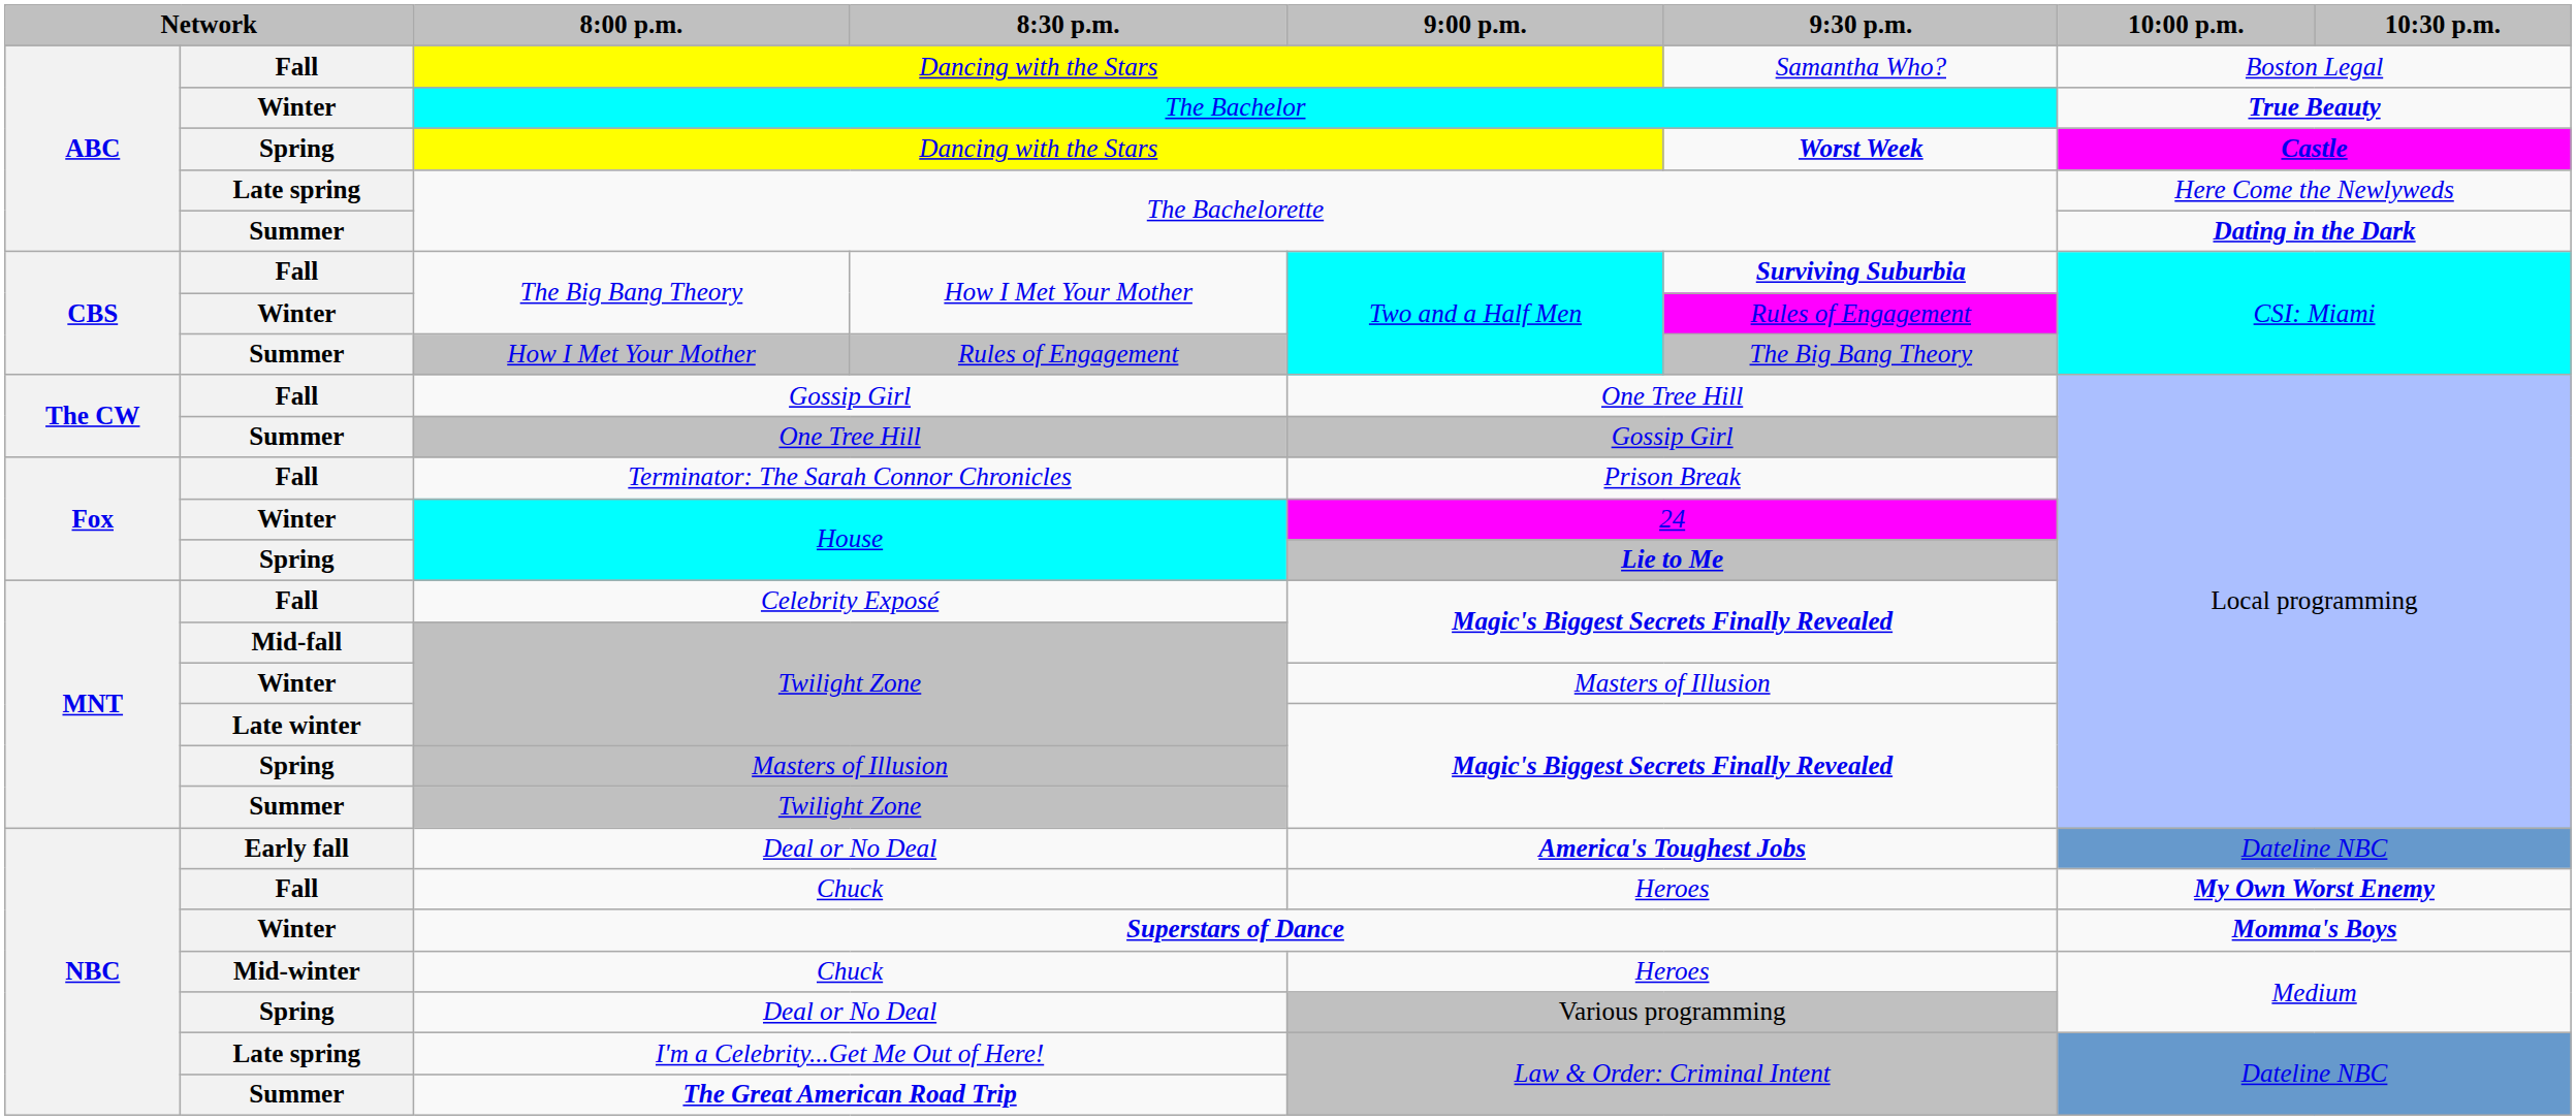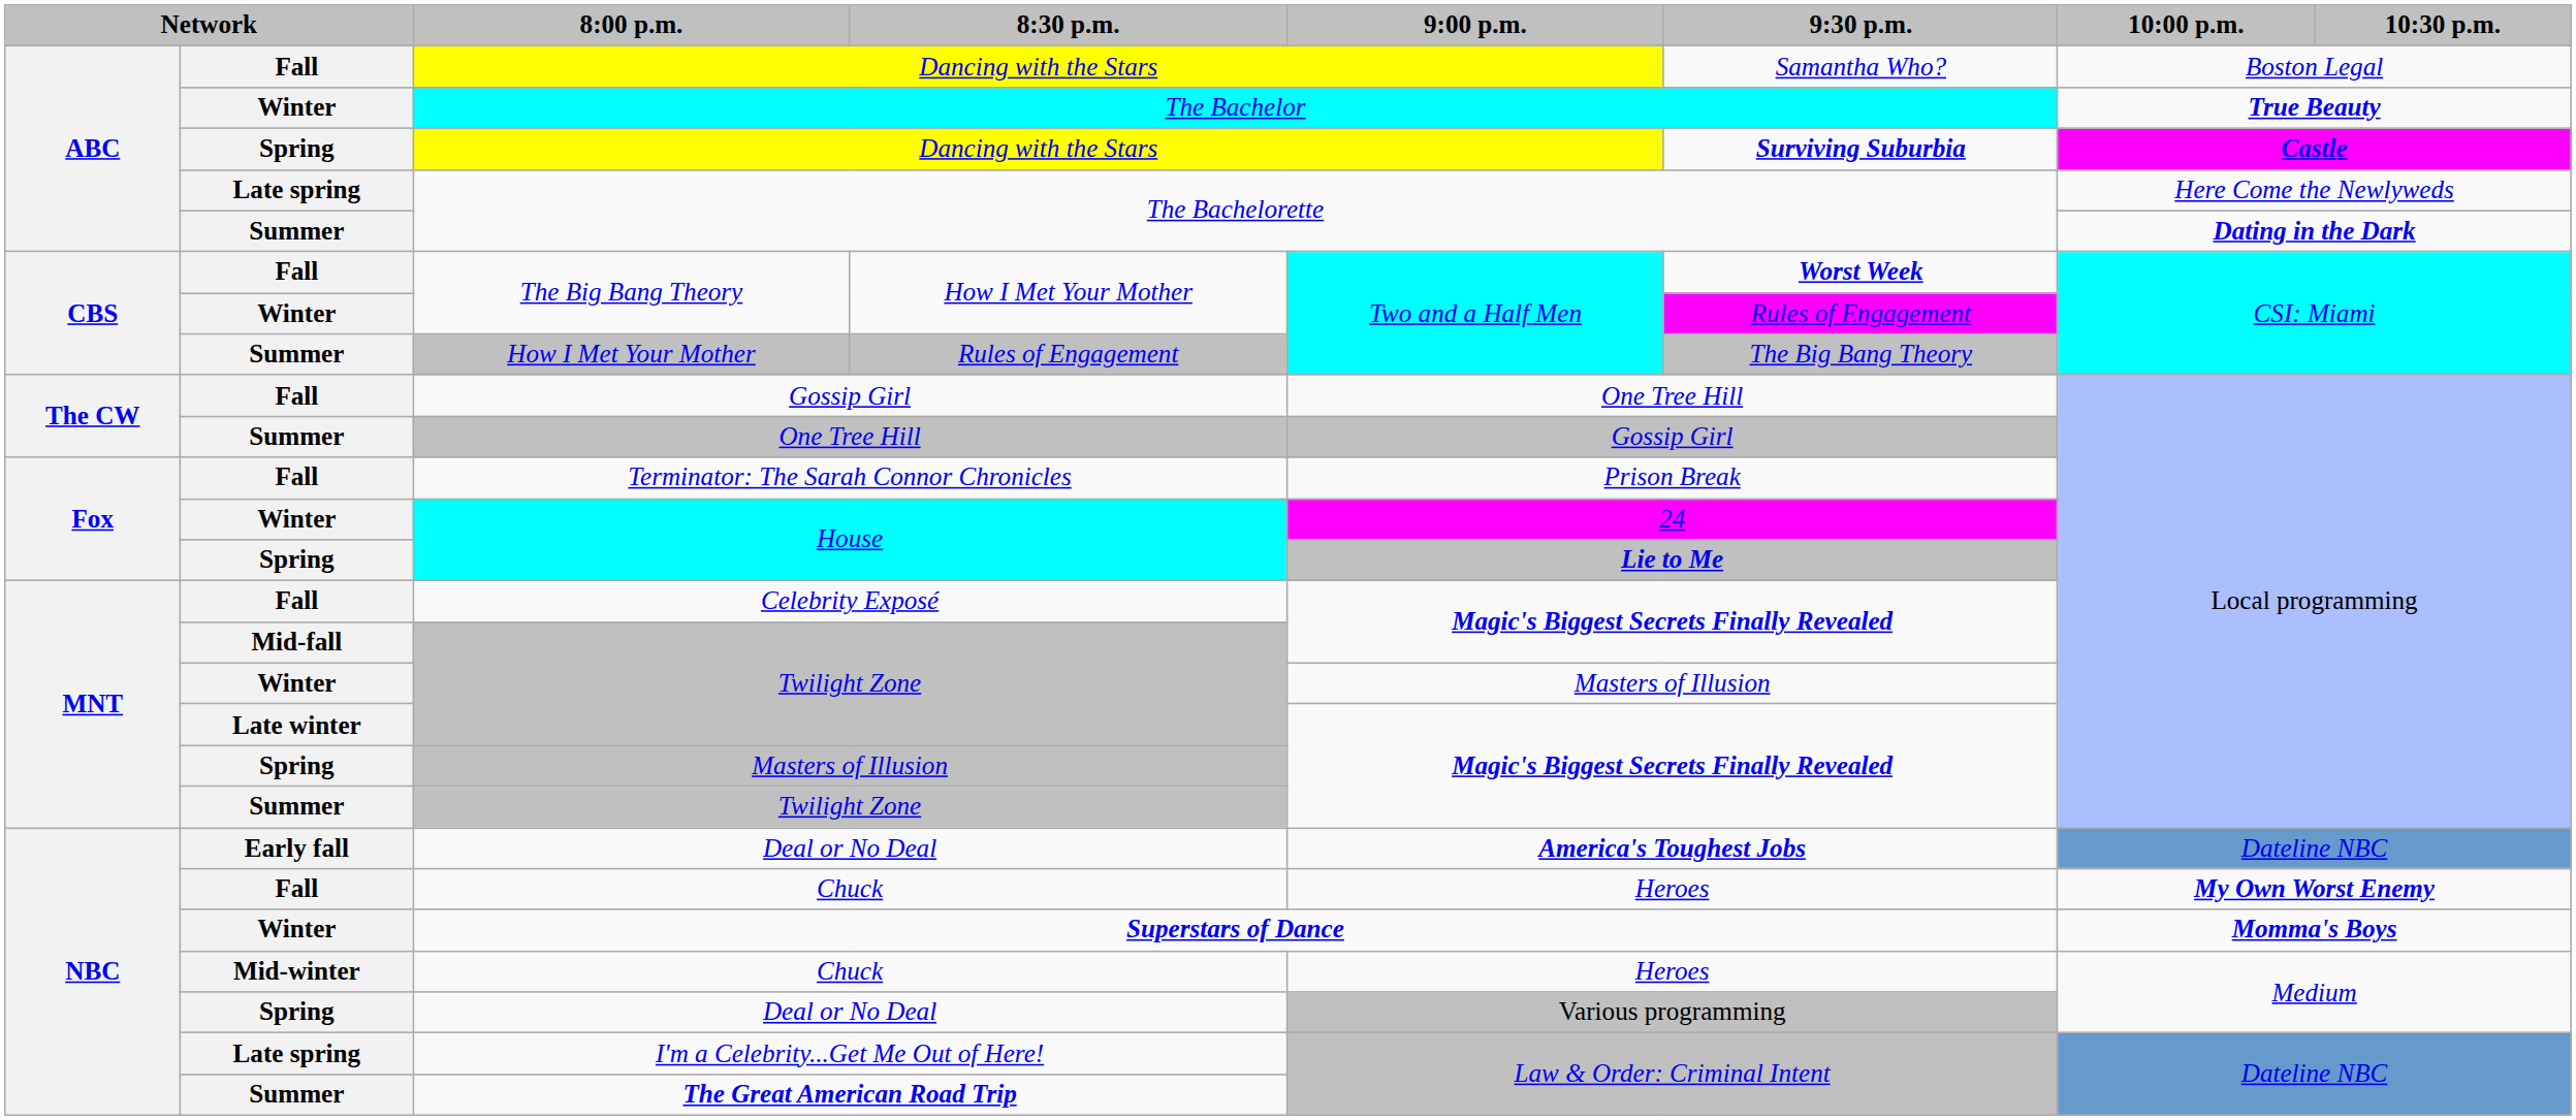 <table class="wikitable" style="width:100%;margin-right:0;text-align:center">
 <tr>
 <th colspan="2" style="background-color:#C0C0C0;text-align:center;width:15.9%;">Network</th>
 <th style="background-color:#C0C0C0;text-align:center">8:00 p.m.</th>
 <th style="background-color:#C0C0C0;text-align:center">8:30 p.m.</th>
 <th style="background-color:#C0C0C0;text-align:center">9:00 p.m.</th>
 <th style="background-color:#C0C0C0;text-align:center">9:30 p.m.</th>
 <th style="background-color:#C0C0C0;text-align:center;width:10%;">10:00 p.m.</th>
 <th style="background-color:#C0C0C0;text-align:center;width:10%;">10:30 p.m.</th>
 </tr>
 <tr>
 <th rowspan="5"><a href='#'>ABC</a></th>
 <th>Fall</th>
 <td style="background:#FFFF00;" colspan="3"><em><a href='#'>Dancing with the Stars</a></em> </td>
 <td><em><a href='#'>Samantha Who?</a></em></td>
 <td colspan="2"><em><a href='#'>Boston Legal</a></em></td>
 </tr>
 <tr>
 <th>Winter</th>
 <td style="background:#00FFFF;" colspan="4"><em><a href='#'>The Bachelor</a></em> </td>
 <td colspan="2"><strong><em><a href='#'>True Beauty</a></em></strong></td>
 </tr>
 <tr>
 <th>Spring</th>
 <td style="background:#FFFF00;" colspan="3"><em><a href='#'>Dancing with the Stars</a></em> </td>
-<td><strong><em><a href='#'>Worst Week</a></em></strong></td>
+<td><strong><em><a href='#'>Surviving Suburbia</a></em></strong></td>
 <td style="background:#FF00FF;" colspan="2"><strong><em><a href='#'>Castle</a></em></strong> </td>
 </tr>
 <tr>
 <th>Late spring</th>
 <td rowspan="2" colspan="4"><em><a href='#'>The Bachelorette</a></em></td>
 <td colspan="2"><em><a href='#'>Here Come the Newlyweds</a></em></td>
 </tr>
 <tr>
 <th>Summer</th>
 <td colspan="2"><strong><em><a href='#'>Dating in the Dark</a></em></strong></td>
 </tr>
 <tr>
 <th rowspan="3"><a href='#'>CBS</a></th>
 <th>Fall</th>
 <td rowspan="2"><em><a href='#'>The Big Bang Theory</a></em></td>
 <td rowspan="2"><em><a href='#'>How I Met Your Mother</a></em></td>
 <td style="background:#00FFFF;" rowspan="3"><em><a href='#'>Two and a Half Men</a></em> </td>
-<td><strong><em><a href='#'>Surviving Suburbia</a></em></strong></td>
+<td><strong><em><a href='#'>Worst Week</a></em></strong></td>
 <td style="background:#00FFFF;" colspan="2" rowspan="3"><em><a href='#'>CSI: Miami</a></em> </td>
 </tr>
 <tr>
 <th>Winter</th>
 <td style="background:#FF00FF;"><em><a href='#'>Rules of Engagement</a></em> </td>
 </tr>
 <tr>
 <th>Summer</th>
 <td style="background:#C0C0C0;"><em><a href='#'>How I Met Your Mother</a></em> </td>
 <td style="background:#C0C0C0;"><em><a href='#'>Rules of Engagement</a></em> </td>
 <td style="background:#C0C0C0;"><em><a href='#'>The Big Bang Theory</a></em> </td>
 </tr>
 <tr>
 <th rowspan="2"><a href='#'>The CW</a></th>
 <th>Fall</th>
 <td colspan="2"><em><a href='#'>Gossip Girl</a></em></td>
 <td colspan="2"><em><a href='#'>One Tree Hill</a></em></td>
 <td style="background:#abbfff;" colspan="2" rowspan="11">Local programming</td>
 </tr>
 <tr>
 <th>Summer</th>
 <td colspan="2" style="background:#C0C0C0;"><em><a href='#'>One Tree Hill</a></em> </td>
 <td colspan="2" style="background:#C0C0C0;"><em><a href='#'>Gossip Girl</a></em> </td>
 </tr>
 <tr>
 <th rowspan="3"><a href='#'>Fox</a></th>
 <th>Fall</th>
 <td colspan="2"><em><a href='#'>Terminator: The Sarah Connor Chronicles</a></em></td>
 <td colspan="2"><em><a href='#'>Prison Break</a></em></td>
 </tr>
 <tr>
 <th>Winter</th>
 <td style="background:#00FFFF;" rowspan="2" colspan="2"><em><a href='#'>House</a></em> </td>
 <td style="background:#FF00FF;" colspan="2"><em><a href='#'>24</a></em> </td>
 </tr>
 <tr>
 <th>Spring</th>
 <td colspan="2" style="background:#C0C0C0;"><strong><em><a href='#'>Lie to Me</a></em></strong> </td>
 </tr>
 <tr>
 <th rowspan="6"><a href='#'>MNT</a></th>
 <th>Fall</th>
 <td colspan="2"><em><a href='#'>Celebrity Exposé</a></em></td>
 <td colspan="2" rowspan="2"><strong><em><a href='#'>Magic's Biggest Secrets Finally Revealed</a></em></strong></td>
 </tr>
 <tr>
 <th>Mid-fall</th>
 <td colspan="2" rowspan="3" style="background:#C0C0C0;"><em><a href='#'>Twilight Zone</a></em> </td>
 </tr>
 <tr>
 <th>Winter</th>
 <td colspan="2"><em><a href='#'>Masters of Illusion</a></em></td>
 </tr>
 <tr>
 <th>Late winter</th>
 <td rowspan="3" colspan="2"><strong><em><a href='#'>Magic's Biggest Secrets Finally Revealed</a></em></strong></td>
 </tr>
 <tr>
 <th>Spring</th>
 <td colspan="2" style="background:#C0C0C0;"><em><a href='#'>Masters of Illusion</a></em> </td>
 </tr>
 <tr>
 <th>Summer</th>
 <td colspan="2" style="background:#C0C0C0;"><em><a href='#'>Twilight Zone</a></em> </td>
 </tr>
 <tr>
 <th rowspan="8"><a href='#'>NBC</a></th>
 <th>Early fall</th>
 <td colspan="2"><em><a href='#'>Deal or No Deal</a></em></td>
 <td colspan="2"><strong><em><a href='#'>America's Toughest Jobs</a></em></strong></td>
 <td colspan="2" style="background:#6699CC;"><em><a href='#'>Dateline NBC</a></em></td>
 </tr>
 <tr>
 <th>Fall</th>
 <td colspan="2"><em><a href='#'>Chuck</a></em></td>
 <td colspan="2"><em><a href='#'>Heroes</a></em></td>
 <td colspan="2"><strong><em><a href='#'>My Own Worst Enemy</a></em></strong></td>
 </tr>
 <tr>
 <th>Winter</th>
 <td colspan="4"><strong><em><a href='#'>Superstars of Dance</a></em></strong></td>
 <td colspan="2"><strong><em><a href='#'>Momma's Boys</a></em></strong></td>
 </tr>
 <tr>
 <th>Mid-winter</th>
 <td colspan="2"><em><a href='#'>Chuck</a></em></td>
 <td colspan="2"><em><a href='#'>Heroes</a></em></td>
 <td rowspan="2" colspan="2"><em><a href='#'>Medium</a></em></td>
 </tr>
 <tr>
 <th>Spring</th>
 <td colspan="2"><em><a href='#'>Deal or No Deal</a></em></td>
 <td colspan="2" style="background:#C0C0C0;">Various programming</td>
 </tr>
 <tr>
 <th>Late spring</th>
 <td colspan="2"><em><a href='#'>I'm a Celebrity...Get Me Out of Here!</a></em></td>
 <td rowspan="2" colspan="2" style="background:#C0C0C0;"><em><a href='#'>Law & Order: Criminal Intent</a></em> </td>
 <td rowspan="2" colspan="2" style="background:#6699CC;"><em><a href='#'>Dateline NBC</a></em></td>
 </tr>
 <tr>
 <th>Summer</th>
 <td colspan="2"><strong><em><a href='#'>The Great American Road Trip</a></em></strong></td>
 </tr>
 </table>
